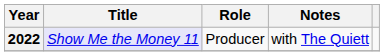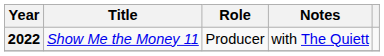 <table class="wikitable  plainrowheaders">
 <tr>
 <th scope="col">Year</th>
 <th scope="col">Title</th>
 <th scope="col">Role</th>
 <th scope="col">Notes</th>
 <th scope="col" class="unsortable"></th>
 </tr>
 <tr>
 <th scope="row">2022</th>
-<td style="background: lavender;"><em><a href='#'>Show Me the Money 11</a></em></td>
+<td><em><a href='#'>Show Me the Money 11</a></em></td>
 <td>Producer</td>
 <td>with <a href='#'>The Quiett</a></td>
 <td></td>
 </tr>
 <tr>
 </tr>
 </table>
